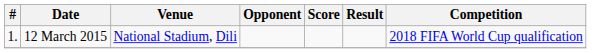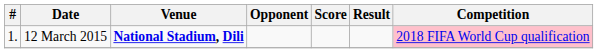 <table class="wikitable">
 <tr>
 <th>#</th>
 <th>Date</th>
 <th>Venue</th>
 <th>Opponent</th>
 <th>Score</th>
 <th>Result</th>
 <th>Competition</th>
 </tr>
 <tr>
 <td>1.</td>
 <td>12 March 2015</td>
-<td><a href='#'>National Stadium</a>, <a href='#'>Dili</a></td>
+<td><strong><a href='#'>National Stadium</a>, <a href='#'>Dili</a></strong></td>
 <td></td>
 <td></td>
 <td></td>
-<td><a href='#'>2018 FIFA World Cup qualification</a></td>
+<td style="background: pink;"><a href='#'>2018 FIFA World Cup qualification</a></td>
 </tr>
 <tr>
 </tr>
 </table>
